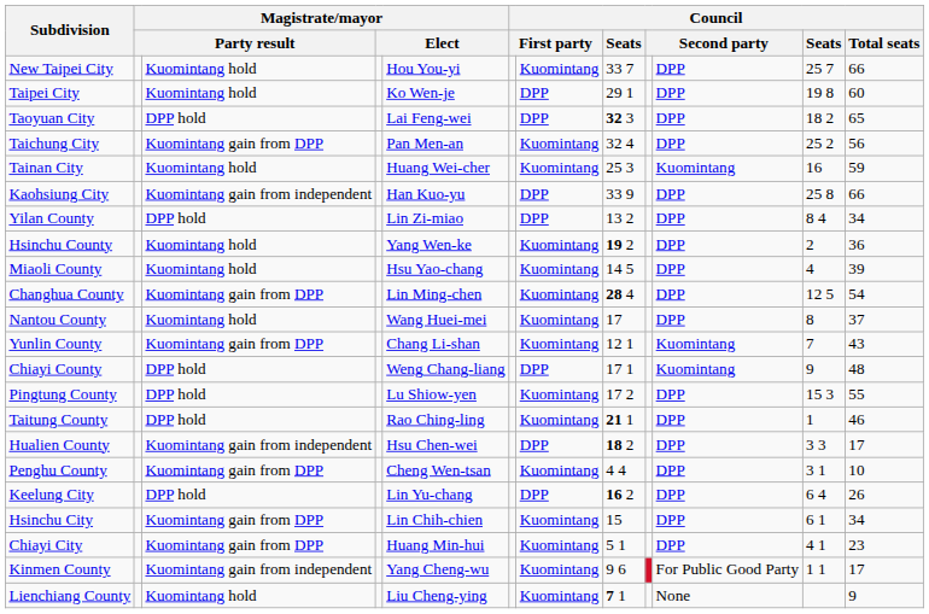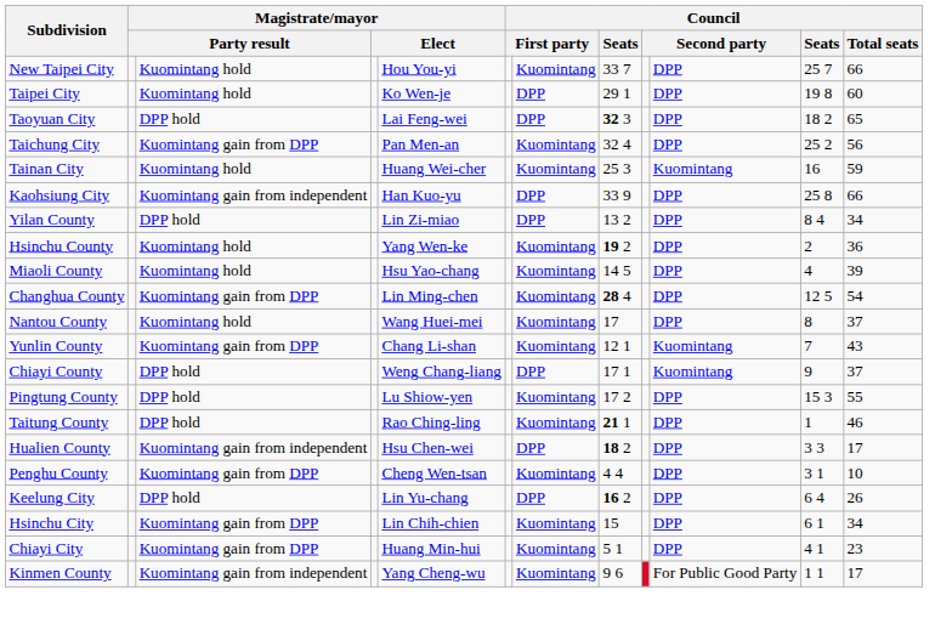 <table class="wikitable">
 <tr>
 <th rowspan="2">Subdivision</th>
 <th colspan="4">Magistrate/mayor</th>
 <th colspan="7">Council</th>
 </tr>
 <tr>
 <th colspan="2">Party result</th>
 <th colspan="2">Elect</th>
 <th colspan="2">First party</th>
 <th>Seats</th>
 <th colspan="2">Second party</th>
 <th>Seats</th>
 <th>Total seats</th>
 </tr>
 <tr>
 <td><a href='#'>New Taipei City</a></td>
 <td style="background-color:"></td>
 <td><a href='#'>Kuomintang</a> hold</td>
 <td></td>
 <td><a href='#'>Hou You-yi</a></td>
 <td style="background-color:"></td>
 <td><a href='#'>Kuomintang</a></td>
 <td>33  7</td>
 <td style="background-color:"></td>
 <td><a href='#'>DPP</a></td>
 <td>25  7</td>
 <td>66</td>
 </tr>
 <tr>
 <td><a href='#'>Taipei City</a></td>
 <td style="background-color:"></td>
 <td><a href='#'>Kuomintang</a> hold</td>
 <td></td>
 <td><a href='#'>Ko Wen-je</a></td>
 <td style="background-color:"></td>
 <td><a href='#'>DPP</a></td>
 <td>29  1</td>
 <td style="background-color:"></td>
 <td><a href='#'>DPP</a></td>
 <td>19  8</td>
 <td>60</td>
 </tr>
 <tr>
 <td><a href='#'>Taoyuan City</a></td>
 <td style="background-color:"></td>
 <td><a href='#'>DPP</a> hold</td>
 <td></td>
 <td><a href='#'>Lai Feng-wei</a></td>
 <td style="background-color:"></td>
 <td><a href='#'>DPP</a></td>
 <td><strong>32</strong>  3</td>
 <td style="background-color:"></td>
 <td><a href='#'>DPP</a></td>
 <td>18  2</td>
 <td>65</td>
 </tr>
 <tr>
 <td><a href='#'>Taichung City</a></td>
 <td style="background-color:"></td>
 <td><a href='#'>Kuomintang</a> gain from <a href='#'>DPP</a></td>
 <td></td>
 <td><a href='#'>Pan Men-an</a></td>
 <td style="background-color:"></td>
 <td><a href='#'>Kuomintang</a></td>
 <td>32  4</td>
 <td style="background-color:"></td>
 <td><a href='#'>DPP</a></td>
 <td>25  2</td>
 <td>56</td>
 </tr>
 <tr>
 <td><a href='#'>Tainan City</a></td>
 <td style="background-color:"></td>
 <td><a href='#'>Kuomintang</a> hold</td>
 <td></td>
 <td><a href='#'>Huang Wei-cher</a></td>
 <td style="background-color:"></td>
 <td><a href='#'>Kuomintang</a></td>
 <td>25  3</td>
 <td style="background-color:"></td>
 <td><a href='#'>Kuomintang</a></td>
 <td>16 </td>
 <td>59</td>
 </tr>
 <tr>
 <td><a href='#'>Kaohsiung City</a></td>
 <td style="background-color:"></td>
 <td><a href='#'>Kuomintang</a> gain from independent</td>
 <td></td>
 <td><a href='#'>Han Kuo-yu</a></td>
 <td style="background-color:"></td>
 <td><a href='#'>DPP</a></td>
 <td>33  9</td>
 <td style="background-color:"></td>
 <td><a href='#'>DPP</a></td>
 <td>25  8</td>
 <td>66</td>
 </tr>
 <tr>
 <td><a href='#'>Yilan County</a></td>
 <td style="background-color:"></td>
 <td><a href='#'>DPP</a> hold</td>
 <td></td>
 <td><a href='#'>Lin Zi-miao</a></td>
 <td style="background-color:"></td>
 <td><a href='#'>DPP</a></td>
 <td>13  2</td>
 <td style="background-color:"></td>
 <td><a href='#'>DPP</a></td>
 <td>8  4</td>
 <td>34</td>
 </tr>
 <tr>
 <td><a href='#'>Hsinchu County</a></td>
 <td style="background-color:"></td>
 <td><a href='#'>Kuomintang</a> hold</td>
 <td></td>
 <td><a href='#'>Yang Wen-ke</a></td>
 <td style="background-color:"></td>
 <td><a href='#'>Kuomintang</a></td>
 <td><strong>19</strong>  2</td>
 <td style="background-color:"></td>
 <td><a href='#'>DPP</a></td>
 <td>2 </td>
 <td>36</td>
 </tr>
 <tr>
 <td><a href='#'>Miaoli County</a></td>
 <td style="background-color:"></td>
 <td><a href='#'>Kuomintang</a> hold</td>
 <td></td>
 <td><a href='#'>Hsu Yao-chang</a></td>
 <td style="background-color:"></td>
 <td><a href='#'>Kuomintang</a></td>
 <td>14  5</td>
 <td style="background-color:"></td>
 <td><a href='#'>DPP</a></td>
 <td>4 </td>
 <td>39</td>
 </tr>
 <tr>
 <td><a href='#'>Changhua County</a></td>
 <td style="background-color:"></td>
 <td><a href='#'>Kuomintang</a> gain from <a href='#'>DPP</a></td>
 <td></td>
 <td><a href='#'>Lin Ming-chen</a></td>
 <td style="background-color:"></td>
 <td><a href='#'>Kuomintang</a></td>
 <td><strong>28</strong>  4</td>
 <td style="background-color:"></td>
 <td><a href='#'>DPP</a></td>
 <td>12  5</td>
 <td>54</td>
 </tr>
 <tr>
 <td><a href='#'>Nantou County</a></td>
 <td style="background-color:"></td>
 <td><a href='#'>Kuomintang</a> hold</td>
 <td></td>
 <td><a href='#'>Wang Huei-mei</a></td>
 <td style="background-color:"></td>
 <td><a href='#'>Kuomintang</a></td>
 <td>17 </td>
 <td style="background-color:"></td>
 <td><a href='#'>DPP</a></td>
 <td>8 </td>
 <td>37</td>
 </tr>
 <tr>
 <td><a href='#'>Yunlin County</a></td>
 <td style="background-color:"></td>
 <td><a href='#'>Kuomintang</a> gain from <a href='#'>DPP</a></td>
 <td></td>
 <td><a href='#'>Chang Li-shan</a></td>
 <td style="background-color:"></td>
 <td><a href='#'>Kuomintang</a></td>
 <td>12  1</td>
 <td style="background-color:"></td>
 <td><a href='#'>Kuomintang</a></td>
 <td>7 </td>
 <td>43</td>
 </tr>
 <tr>
 <td><a href='#'>Chiayi County</a></td>
 <td style="background-color:"></td>
 <td><a href='#'>DPP</a> hold</td>
 <td></td>
 <td><a href='#'>Weng Chang-liang</a></td>
 <td style="background-color:"></td>
 <td><a href='#'>DPP</a></td>
 <td>17  1</td>
 <td style="background-color:"></td>
 <td><a href='#'>Kuomintang</a></td>
 <td>9 </td>
-<td>48</td>
+<td>37</td>
 </tr>
 <tr>
 <td><a href='#'>Pingtung County</a></td>
 <td style="background-color:"></td>
 <td><a href='#'>DPP</a> hold</td>
 <td></td>
 <td><a href='#'>Lu Shiow-yen</a></td>
 <td style="background-color:"></td>
 <td><a href='#'>Kuomintang</a></td>
 <td>17  2</td>
 <td style="background-color:"></td>
 <td><a href='#'>DPP</a></td>
 <td>15  3</td>
 <td>55</td>
 </tr>
 <tr>
 <td><a href='#'>Taitung County</a></td>
 <td style="background-color:"></td>
 <td><a href='#'>DPP</a> hold</td>
 <td></td>
 <td><a href='#'>Rao Ching-ling</a></td>
 <td style="background-color:"></td>
 <td><a href='#'>Kuomintang</a></td>
 <td><strong>21</strong>  1</td>
 <td style="background-color:"></td>
 <td><a href='#'>DPP</a></td>
 <td>1 </td>
 <td>46</td>
 </tr>
 <tr>
 <td><a href='#'>Hualien County</a></td>
 <td style="background-color:"></td>
 <td><a href='#'>Kuomintang</a> gain from independent</td>
 <td></td>
 <td><a href='#'>Hsu Chen-wei</a></td>
 <td style="background-color:"></td>
 <td><a href='#'>DPP</a></td>
 <td><strong>18</strong>  2</td>
 <td style="background-color:"></td>
 <td><a href='#'>DPP</a></td>
 <td>3  3</td>
 <td>17</td>
 </tr>
 <tr>
 <td><a href='#'>Penghu County</a></td>
 <td style="background-color:"></td>
 <td><a href='#'>Kuomintang</a> gain from <a href='#'>DPP</a></td>
 <td></td>
 <td><a href='#'>Cheng Wen-tsan</a></td>
 <td style="background-color:"></td>
 <td><a href='#'>Kuomintang</a></td>
 <td>4  4</td>
 <td style="background-color:"></td>
 <td><a href='#'>DPP</a></td>
 <td>3  1</td>
 <td>10</td>
 </tr>
 <tr>
 <td><a href='#'>Keelung City</a></td>
 <td style="background-color:"></td>
 <td><a href='#'>DPP</a> hold</td>
 <td></td>
 <td><a href='#'>Lin Yu-chang</a></td>
 <td style="background-color:"></td>
 <td><a href='#'>DPP</a></td>
 <td><strong>16</strong>  2</td>
 <td style="background-color:"></td>
 <td><a href='#'>DPP</a></td>
 <td>6  4</td>
 <td>26</td>
 </tr>
 <tr>
 <td><a href='#'>Hsinchu City</a></td>
 <td style="background-color:"></td>
 <td><a href='#'>Kuomintang</a> gain from <a href='#'>DPP</a></td>
 <td></td>
 <td><a href='#'>Lin Chih-chien</a></td>
 <td style="background-color:"></td>
 <td><a href='#'>Kuomintang</a></td>
 <td>15 </td>
 <td style="background-color:"></td>
 <td><a href='#'>DPP</a></td>
 <td>6  1</td>
 <td>34</td>
 </tr>
 <tr>
 <td><a href='#'>Chiayi City</a></td>
 <td style="background-color:"></td>
 <td><a href='#'>Kuomintang</a> gain from <a href='#'>DPP</a></td>
 <td></td>
 <td><a href='#'>Huang Min-hui</a></td>
 <td style="background-color:"></td>
 <td><a href='#'>Kuomintang</a></td>
 <td>5  1</td>
 <td style="background-color:"></td>
 <td><a href='#'>DPP</a></td>
 <td>4  1</td>
 <td>23</td>
 </tr>
 <tr>
 <td><a href='#'>Kinmen County</a></td>
 <td style="background-color:"></td>
 <td><a href='#'>Kuomintang</a> gain from independent</td>
 <td></td>
 <td><a href='#'>Yang Cheng-wu</a></td>
 <td style="background-color:"></td>
 <td><a href='#'>Kuomintang</a></td>
 <td>9  6</td>
 <td style="background-color:#D60E29"></td>
 <td>For Public Good Party</td>
 <td>1  1</td>
 <td>17</td>
 </tr>
-<tr>
-<td><a href='#'>Lienchiang County</a></td>
-<td style="background-color:"></td>
-<td><a href='#'>Kuomintang</a> hold</td>
-<td></td>
-<td><a href='#'>Liu Cheng-ying</a></td>
-<td style="background-color:"></td>
-<td><a href='#'>Kuomintang</a></td>
-<td><strong>7</strong>  1</td>
-<td style="background-color:"></td>
-<td>None</td>
-<td></td>
-<td>9</td>
-</tr>
 </table>
